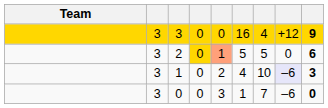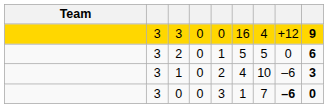 <table class="wikitable" style="text-align: center;">
 <tr>
 <th width="175">Team</th>
 <th width="20"></th>
 <th width="20"></th>
 <th width="20"></th>
 <th width="20"></th>
 <th width="20"></th>
 <th width="20"></th>
 <th width="20"></th>
 <th width="20"><strong></strong></th>
 </tr>
 <tr bgcolor=gold>
 <td align=left></td>
 <td>3</td>
 <td>3</td>
 <td>0</td>
 <td>0</td>
 <td>16</td>
 <td>4</td>
 <td>+12</td>
 <td><strong>9</strong></td>
 </tr>
 <tr>
 <td align=left></td>
 <td>3</td>
 <td>2</td>
-<td style="background: gold;">0</td>
-<td style="background: lightsalmon;">1</td>
+<td>0</td>
+<td>1</td>
 <td>5</td>
 <td>5</td>
 <td>0</td>
 <td><strong>6</strong></td>
 </tr>
 <tr>
 <td align=left></td>
 <td>3</td>
 <td>1</td>
 <td>0</td>
 <td>2</td>
 <td>4</td>
 <td>10</td>
-<td style="background: lavender;">–6</td>
+<td>–6</td>
 <td><strong>3</strong></td>
 </tr>
 <tr>
 <td align=left></td>
 <td>3</td>
 <td>0</td>
 <td>0</td>
 <td>3</td>
 <td>1</td>
 <td>7</td>
-<td>–6</td>
+<td><strong>–6</strong></td>
 <td><strong>0</strong></td>
 </tr>
 </table>
